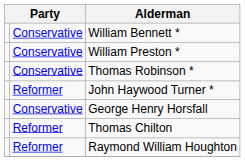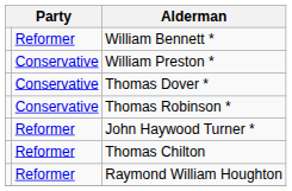 <table class="wikitable">
 <tr>
 <th colspan="2">Party</th>
 <th>Alderman</th>
 </tr>
 <tr>
 <td style="background-color:"></td>
-<td><a href='#'>Conservative</a></td>
+<td><a href='#'>Reformer</a></td>
 <td>William Bennett *</td>
 </tr>
 <tr>
 <td style="background-color:"></td>
 <td><a href='#'>Conservative</a></td>
 <td>William Preston *</td>
 </tr>
 <tr>
 <td style="background-color:"></td>
 <td><a href='#'>Conservative</a></td>
+<td>Thomas Dover *</td>
+</tr>
+<tr>
+<td style="background-color:"></td>
+<td><a href='#'>Conservative</a></td>
 <td>Thomas Robinson *</td>
 </tr>
 <tr>
 <td style="background-color:"></td>
 <td><a href='#'>Reformer</a></td>
 <td>John Haywood Turner *</td>
-</tr>
-<tr>
-<td style="background-color:"></td>
-<td><a href='#'>Conservative</a></td>
-<td>George Henry Horsfall</td>
 </tr>
 <tr>
 <td style="background-color:"></td>
 <td><a href='#'>Reformer</a></td>
 <td>Thomas Chilton</td>
 </tr>
 <tr>
 <td style="background-color:"></td>
 <td><a href='#'>Reformer</a></td>
 <td>Raymond William Houghton</td>
 </tr>
 <tr>
 </tr>
 </table>
